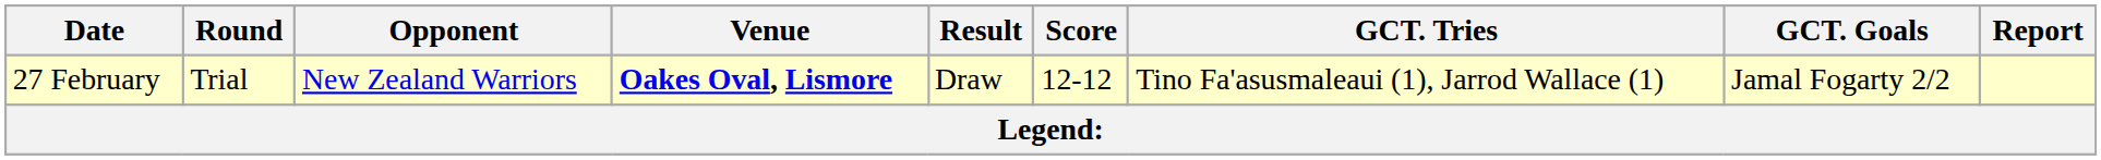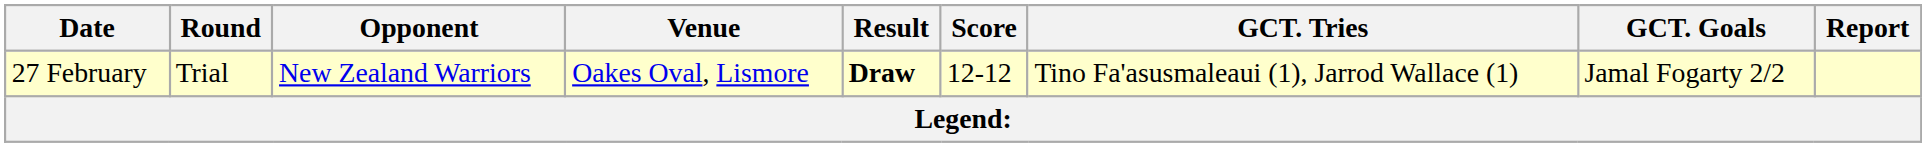 <table class="wikitable" style="font-size:80%; width:100%;">
 <tr>
 <th>Date</th>
 <th>Round</th>
 <th>Opponent</th>
 <th>Venue</th>
 <th>Result</th>
 <th>Score</th>
 <th>GCT. Tries</th>
 <th>GCT. Goals</th>
 <th>Report</th>
 </tr>
 <tr style="background:#FFFFCC">
 <td>27 February</td>
 <td>Trial</td>
 <td> <a href='#'>New Zealand Warriors</a></td>
-<td><strong><a href='#'>Oakes Oval</a>, <a href='#'>Lismore</a></strong></td>
-<td>Draw</td>
+<td><a href='#'>Oakes Oval</a>, <a href='#'>Lismore</a></td>
+<td><strong>Draw</strong></td>
 <td>12-12</td>
 <td>Tino Fa'asusmaleaui (1), Jarrod Wallace (1)</td>
 <td>Jamal Fogarty 2/2</td>
 <td></td>
 </tr>
 <tr>
 <th colspan="9"><strong>Legend</strong>:<br>   </th>
 </tr>
 </table>
